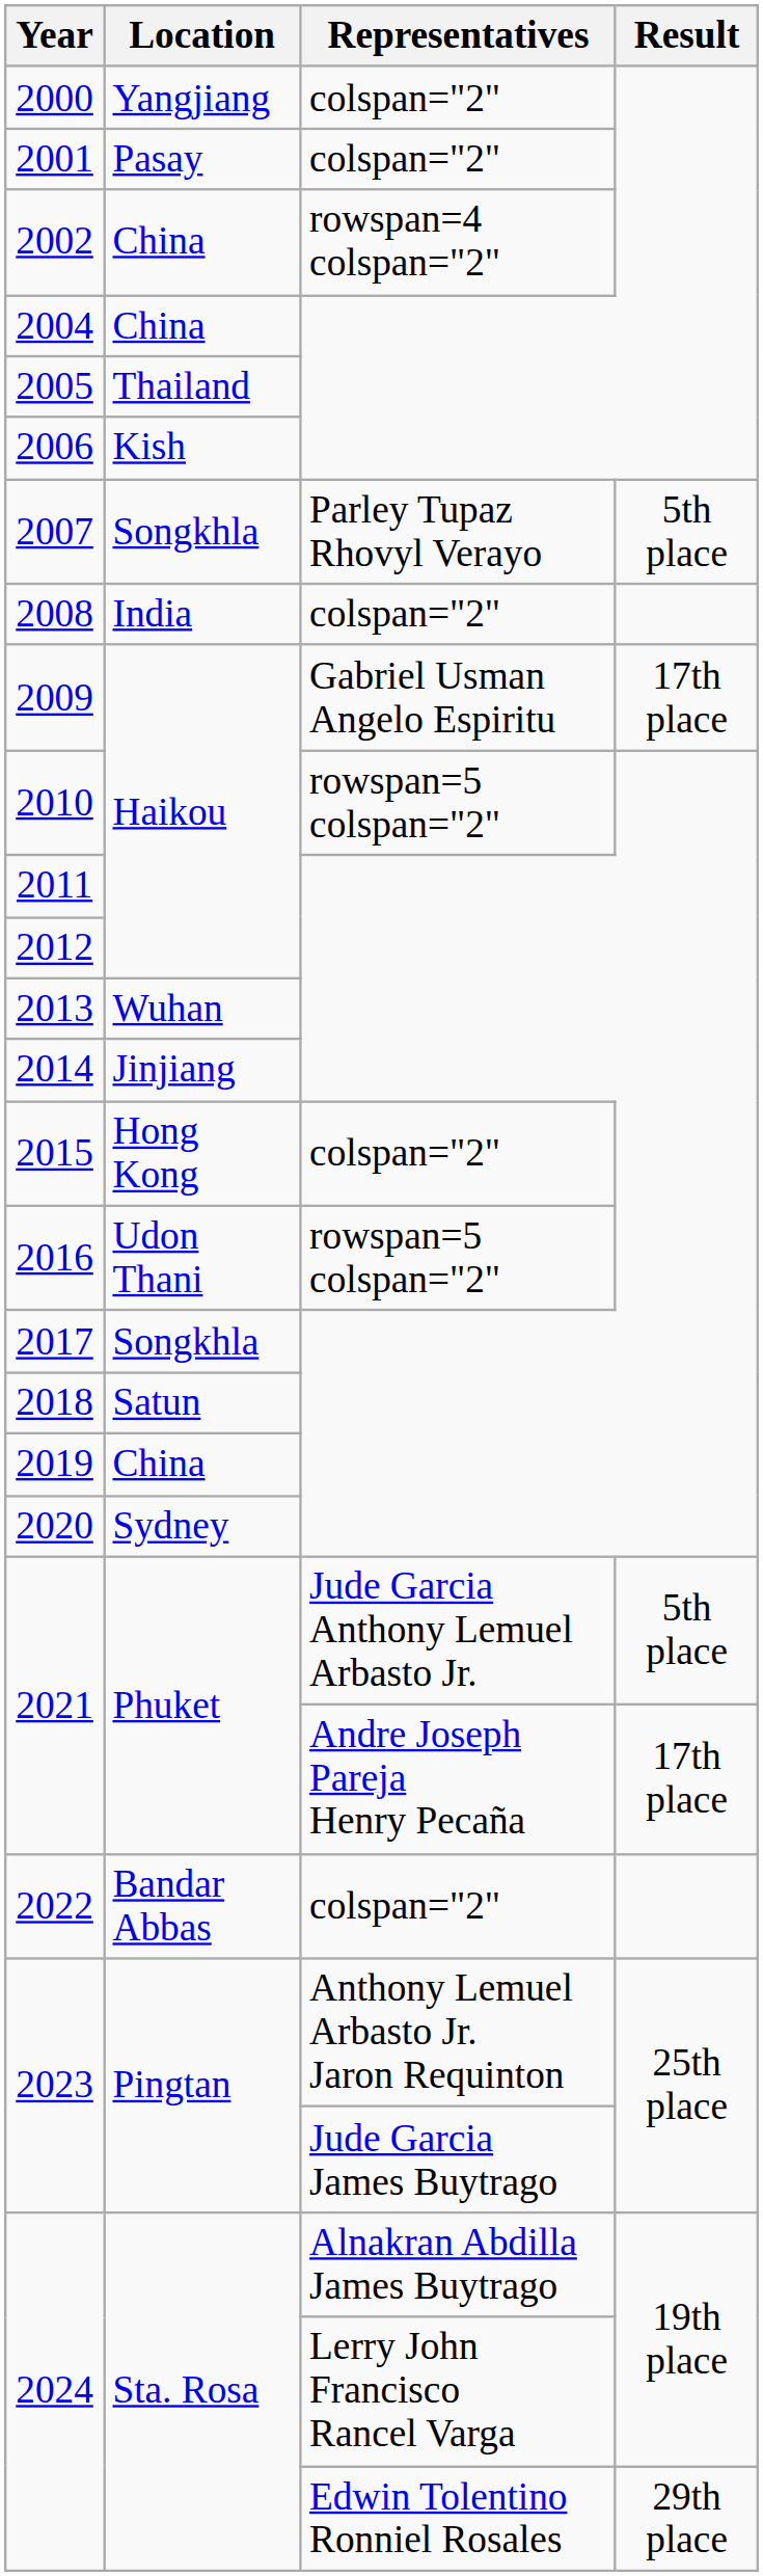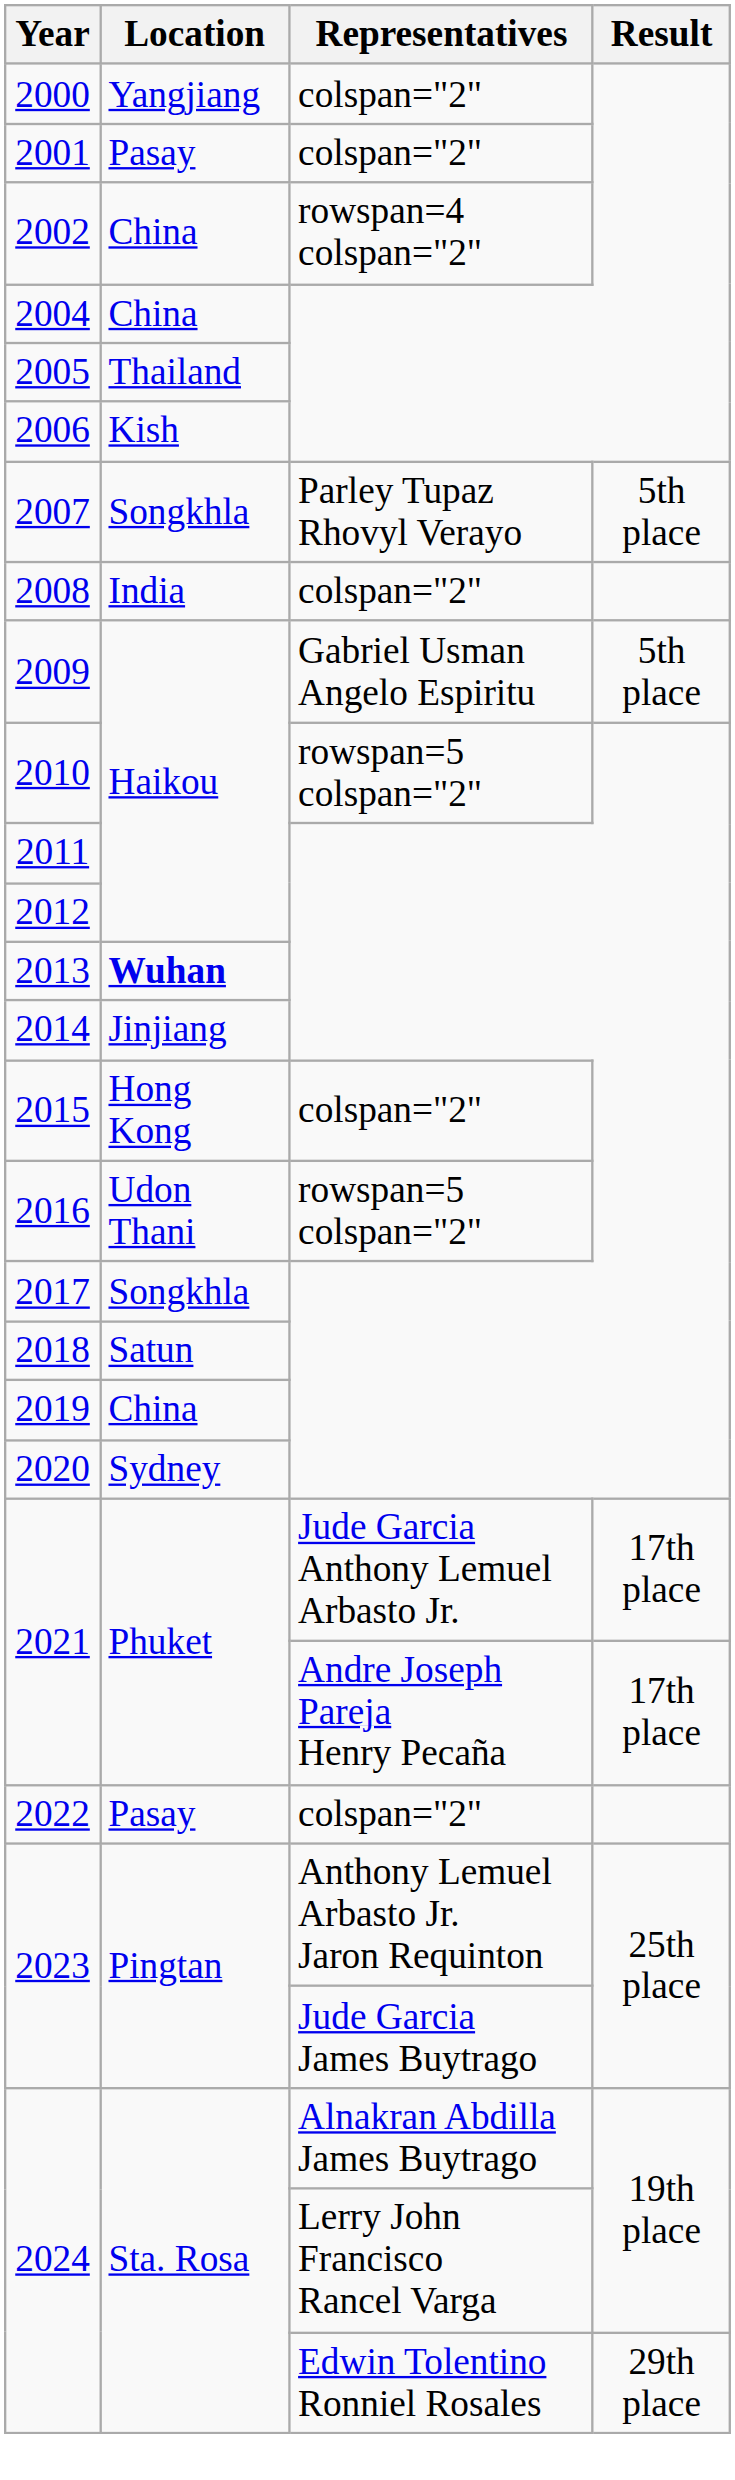 <table class="wikitable" style="font-size:100%; width:50%;">
 <tr>
 <th style= "align=center; width:10em;">Year</th>
 <th style= "align=center; width:60em;">Location</th>
 <th style= "align=center; width:100em;">Representatives</th>
 <th style= "align=center; width:50em;">Result</th>
 </tr>
 <tr>
 <td align=center><a href='#'>2000</a></td>
 <td> <a href='#'>Yangjiang</a></td>
 <td>colspan="2" <small>  </small></td>
 </tr>
 <tr>
 <td align=center><a href='#'>2001</a></td>
 <td> <a href='#'>Pasay</a></td>
 <td>colspan="2" <small>  </small></td>
 </tr>
 <tr>
 <td align=center><a href='#'>2002</a></td>
 <td> <a href='#'>China</a></td>
 <td>rowspan=4 colspan="2" <small>  </small></td>
 </tr>
 <tr>
 <td align=center><a href='#'>2004</a></td>
 <td> <a href='#'>China</a></td>
 </tr>
 <tr>
 <td align=center><a href='#'>2005</a></td>
 <td> <a href='#'>Thailand</a></td>
 </tr>
 <tr>
 <td align=center><a href='#'>2006</a></td>
 <td> <a href='#'>Kish</a></td>
 </tr>
 <tr>
 <td align=center><a href='#'>2007</a></td>
 <td> <a href='#'>Songkhla</a></td>
 <td>Parley Tupaz <br> Rhovyl Verayo</td>
 <td align=center>5th place</td>
 </tr>
 <tr>
 <td align=center><a href='#'>2008</a></td>
 <td> <a href='#'>India</a></td>
 <td>colspan="2" <small>  </small></td>
 </tr>
 <tr>
 <td align=center><a href='#'>2009</a></td>
 <td rowspan=4> <a href='#'>Haikou</a></td>
 <td>Gabriel Usman <br> Angelo Espiritu</td>
-<td align=center>17th place</td>
+<td align=center>5th place</td>
 </tr>
 <tr>
 <td align=center><a href='#'>2010</a></td>
 <td>rowspan=5 colspan="2" <small>  </small></td>
 </tr>
 <tr>
 <td align=center><a href='#'>2011</a></td>
 </tr>
 <tr>
 <td align=center><a href='#'>2012</a></td>
 </tr>
 <tr>
 <td align=center><a href='#'>2013</a></td>
-<td> <a href='#'>Wuhan</a></td>
+<td><strong> <a href='#'>Wuhan</a></strong></td>
 </tr>
 <tr>
 <td align=center><a href='#'>2014</a></td>
 <td> <a href='#'>Jinjiang</a></td>
 </tr>
 <tr>
 <td align=center><a href='#'>2015</a></td>
 <td> <a href='#'>Hong Kong</a></td>
 <td>colspan="2" <small>  </small></td>
 </tr>
 <tr>
 <td align=center><a href='#'>2016</a></td>
 <td> <a href='#'>Udon Thani</a></td>
 <td>rowspan=5 colspan="2" <small>  </small></td>
 </tr>
 <tr>
 <td align=center><a href='#'>2017</a></td>
 <td> <a href='#'>Songkhla</a></td>
 </tr>
 <tr>
 <td align=center><a href='#'>2018</a></td>
 <td> <a href='#'>Satun</a></td>
 </tr>
 <tr>
 <td align=center><a href='#'>2019</a></td>
 <td> <a href='#'>China</a></td>
 </tr>
 <tr>
 <td align=center><a href='#'>2020</a></td>
 <td> <a href='#'>Sydney</a></td>
 </tr>
 <tr>
 <td rowspan=2 align=center><a href='#'>2021</a></td>
 <td rowspan=2> <a href='#'>Phuket</a></td>
 <td><a href='#'>Jude Garcia</a> <br> Anthony Lemuel Arbasto Jr.</td>
-<td align=center>5th place</td>
+<td align=center>17th place</td>
 </tr>
 <tr>
 <td><a href='#'>Andre Joseph Pareja</a> <br> Henry Pecaña</td>
 <td align=center>17th place</td>
 </tr>
 <tr>
 <td align=center><a href='#'>2022</a></td>
-<td> <a href='#'>Bandar Abbas</a></td>
+<td> <a href='#'>Pasay</a></td>
 <td>colspan="2" <small>  </small></td>
 </tr>
 <tr>
 <td rowspan=2 align=center><a href='#'>2023</a></td>
 <td rowspan=2> <a href='#'>Pingtan</a></td>
 <td>Anthony Lemuel Arbasto Jr. <br> Jaron Requinton</td>
 <td align=center rowspan=2>25th place</td>
 </tr>
 <tr>
 <td><a href='#'>Jude Garcia</a> <br> James Buytrago</td>
 </tr>
 <tr>
 <td rowspan=3 align=center><a href='#'>2024</a></td>
 <td rowspan=3> <a href='#'>Sta. Rosa</a></td>
 <td><a href='#'>Alnakran Abdilla</a> <br> James Buytrago</td>
 <td align=center rowspan=2>19th place</td>
 </tr>
 <tr>
 <td>Lerry John Francisco <br> Rancel Varga</td>
 </tr>
 <tr>
 <td><a href='#'>Edwin Tolentino</a> <br> Ronniel Rosales</td>
 <td align=center>29th place</td>
 </tr>
 </table>
